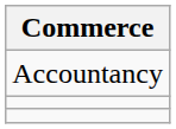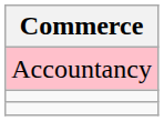 <table class="wikitable">
 <tr>
 <th>Commerce</th>
 </tr>
 <tr>
-<td>Accountancy</td>
+<td style="background: pink;">Accountancy</td>
 </tr>
 <tr>
 <td></td>
 </tr>
 <tr>
 <td></td>
 </tr>
 </table>
